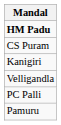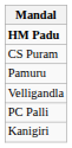 <table class="wikitable sortable static-row-numbers static-row-header-hash">
 <tr>
 <th>Mandal</th>
 </tr>
 <tr>
 <td><strong>HM Padu</strong></td>
 </tr>
 <tr>
 <td>CS Puram</td>
 </tr>
 <tr>
-<td>Kanigiri</td>
+<td>Pamuru</td>
 </tr>
 <tr>
 <td>Velligandla</td>
 </tr>
 <tr>
 <td>PC Palli</td>
 </tr>
 <tr>
-<td>Pamuru</td>
+<td>Kanigiri</td>
 </tr>
 </table>
